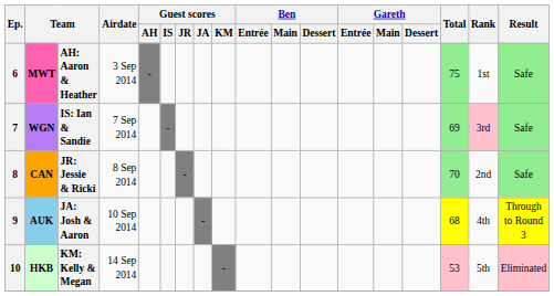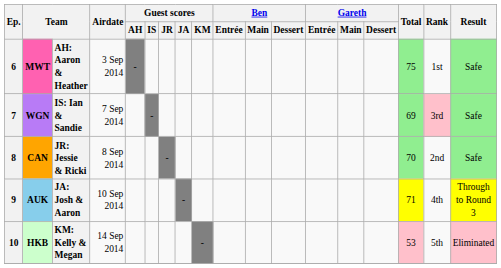 <table class="wikitable" style="text-align: center; font-size: 9pt; line-height:16px; width:100%">
 <tr>
 <th scope="col" rowspan="2">Ep.</th>
 <th colspan="2" rowspan="2">Team</th>
 <th scope="col" rowspan="2">Airdate</th>
 <th colspan="5" scope="col">Guest scores</th>
 <th scope="col" colspan="3"><a href='#'>Ben</a></th>
 <th scope="col" colspan="3"><a href='#'>Gareth</a></th>
 <th scope="col" rowspan="2">Total<br><small></small></th>
 <th rowspan="2">Rank</th>
 <th scope="col" rowspan="2">Result</th>
 </tr>
 <tr>
 <th scope="col" style="width:2.5em;">AH</th>
 <th scope="col" style="width:2.5em;">IS</th>
 <th scope="col" style="width:2.5em;">JR</th>
 <th scope="col" style="width:2.5em;">JA</th>
 <th scope="col" style="width:2.5em;">KM</th>
 <th scope="col">Entrée</th>
 <th scope="col">Main</th>
 <th scope="col">Dessert</th>
 <th scope="col">Entrée</th>
 <th scope="col">Main</th>
 <th scope="col">Dessert</th>
 </tr>
 <tr>
 <th>6</th>
 <th scope="row" align="left" style="background:#FF61B1;">MWT</th>
 <th scope="row" style="text-align:left;">AH: Aaron & Heather</th>
 <td style="text-align:right;">3 Sep 2014</td>
 <td bgcolor="808080">-</td>
 <td></td>
 <td></td>
 <td></td>
 <td></td>
 <td></td>
 <td></td>
 <td></td>
 <td></td>
 <td></td>
 <td></td>
 <td bgcolor="lightgreen">75</td>
 <td>1st</td>
 <td bgcolor="lightgreen">Safe</td>
 </tr>
 <tr>
 <th>7</th>
 <th scope="row" align="center" style='background:#B87BF6;'>WGN</th>
 <th scope="row" style="text-align:left;">IS: Ian & Sandie</th>
 <td style="text-align:right;">7 Sep 2014</td>
 <td></td>
 <td bgcolor="808080">-</td>
 <td></td>
 <td></td>
 <td></td>
 <td></td>
 <td></td>
 <td></td>
 <td></td>
 <td></td>
 <td></td>
 <td bgcolor="lightgreen">69</td>
 <td style="background: pink;">3rd</td>
 <td bgcolor="lightgreen">Safe</td>
 </tr>
 <tr>
 <th>8</th>
 <th scope="row" align="left" style="background:orange;">CAN</th>
 <th scope="row" style="text-align:left;">JR: Jessie & Ricki</th>
 <td style="text-align:right;">8 Sep 2014</td>
 <td></td>
 <td></td>
 <td bgcolor="808080">-</td>
 <td></td>
 <td></td>
 <td></td>
 <td></td>
 <td></td>
 <td></td>
 <td></td>
 <td></td>
 <td bgcolor="lightgreen">70</td>
 <td>2nd</td>
 <td bgcolor="lightgreen">Safe</td>
 </tr>
 <tr>
 <th>9</th>
 <th scope="row" align="left" style="background-color:skyblue;">AUK</th>
 <th scope="row" style="text-align:left;">JA: Josh & Aaron</th>
 <td style="text-align:right;">10 Sep 2014</td>
 <td></td>
 <td></td>
 <td></td>
 <td bgcolor="808080">-</td>
 <td></td>
 <td></td>
 <td></td>
 <td></td>
 <td></td>
 <td></td>
 <td></td>
-<td bgcolor="yellow">68</td>
+<td bgcolor="yellow">71</td>
 <td>4th</td>
 <td bgcolor="yellow">Through to Round 3</td>
 </tr>
 <tr>
 <th>10</th>
 <th scope="row" align="left" style="background:#CCFFCC;">HKB</th>
 <th scope="row" style="text-align:left;">KM: Kelly & Megan</th>
 <td style="text-align:right;">14 Sep 2014</td>
 <td></td>
 <td></td>
 <td></td>
 <td></td>
 <td bgcolor="808080">-</td>
 <td></td>
 <td></td>
 <td></td>
 <td></td>
 <td></td>
 <td></td>
 <td bgcolor="pink">53</td>
 <td>5th</td>
 <td bgcolor="pink">Eliminated</td>
 </tr>
 <tr>
 </tr>
 </table>
